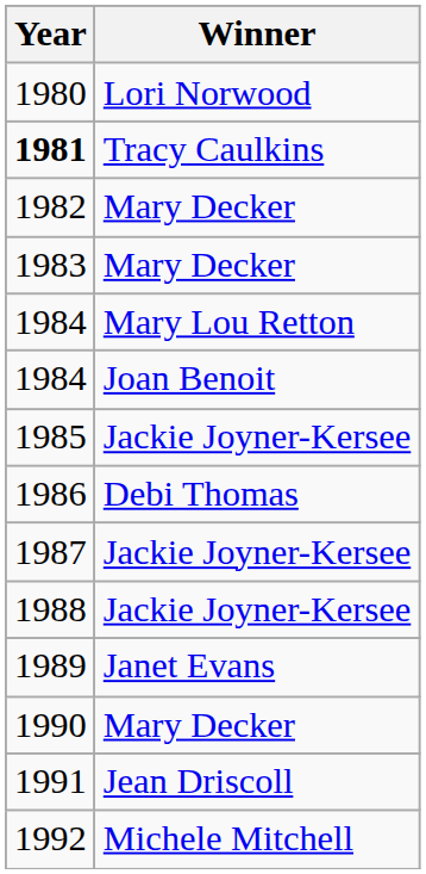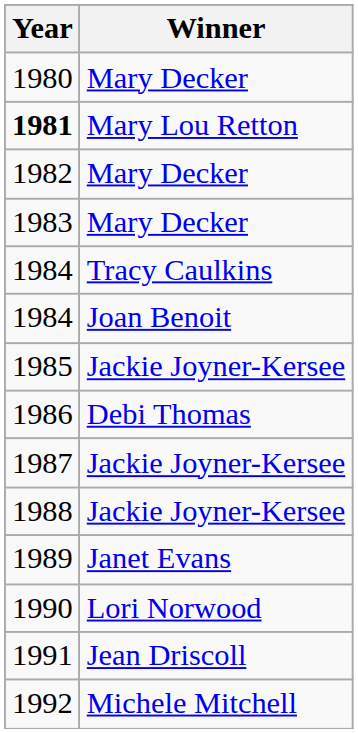 <table class="wikitable sortable">
 <tr>
 <th>Year</th>
 <th>Winner</th>
 </tr>
 <tr>
 <td>1980</td>
-<td><a href='#'>Lori Norwood</a></td>
+<td><a href='#'>Mary Decker</a></td>
 </tr>
 <tr>
 <td><strong>1981</strong></td>
-<td><a href='#'>Tracy Caulkins</a></td>
+<td><a href='#'>Mary Lou Retton</a></td>
 </tr>
 <tr>
 <td>1982</td>
 <td><a href='#'>Mary Decker</a></td>
 </tr>
 <tr>
 <td>1983</td>
 <td><a href='#'>Mary Decker</a></td>
 </tr>
 <tr>
 <td>1984</td>
-<td><a href='#'>Mary Lou Retton</a></td>
+<td><a href='#'>Tracy Caulkins</a></td>
 </tr>
 <tr>
 <td>1984</td>
 <td><a href='#'>Joan Benoit</a></td>
 </tr>
 <tr>
 <td>1985</td>
 <td><a href='#'>Jackie Joyner-Kersee</a></td>
 </tr>
 <tr>
 <td>1986</td>
 <td><a href='#'>Debi Thomas</a></td>
 </tr>
 <tr>
 <td>1987</td>
 <td><a href='#'>Jackie Joyner-Kersee</a></td>
 </tr>
 <tr>
 <td>1988</td>
 <td><a href='#'>Jackie Joyner-Kersee</a></td>
 </tr>
 <tr>
 <td>1989</td>
 <td><a href='#'>Janet Evans</a></td>
 </tr>
 <tr>
 <td>1990</td>
-<td><a href='#'>Mary Decker</a></td>
+<td><a href='#'>Lori Norwood</a></td>
 </tr>
 <tr>
 <td>1991</td>
 <td><a href='#'>Jean Driscoll</a></td>
 </tr>
 <tr>
 <td>1992</td>
 <td><a href='#'>Michele Mitchell</a></td>
 </tr>
 </table>
